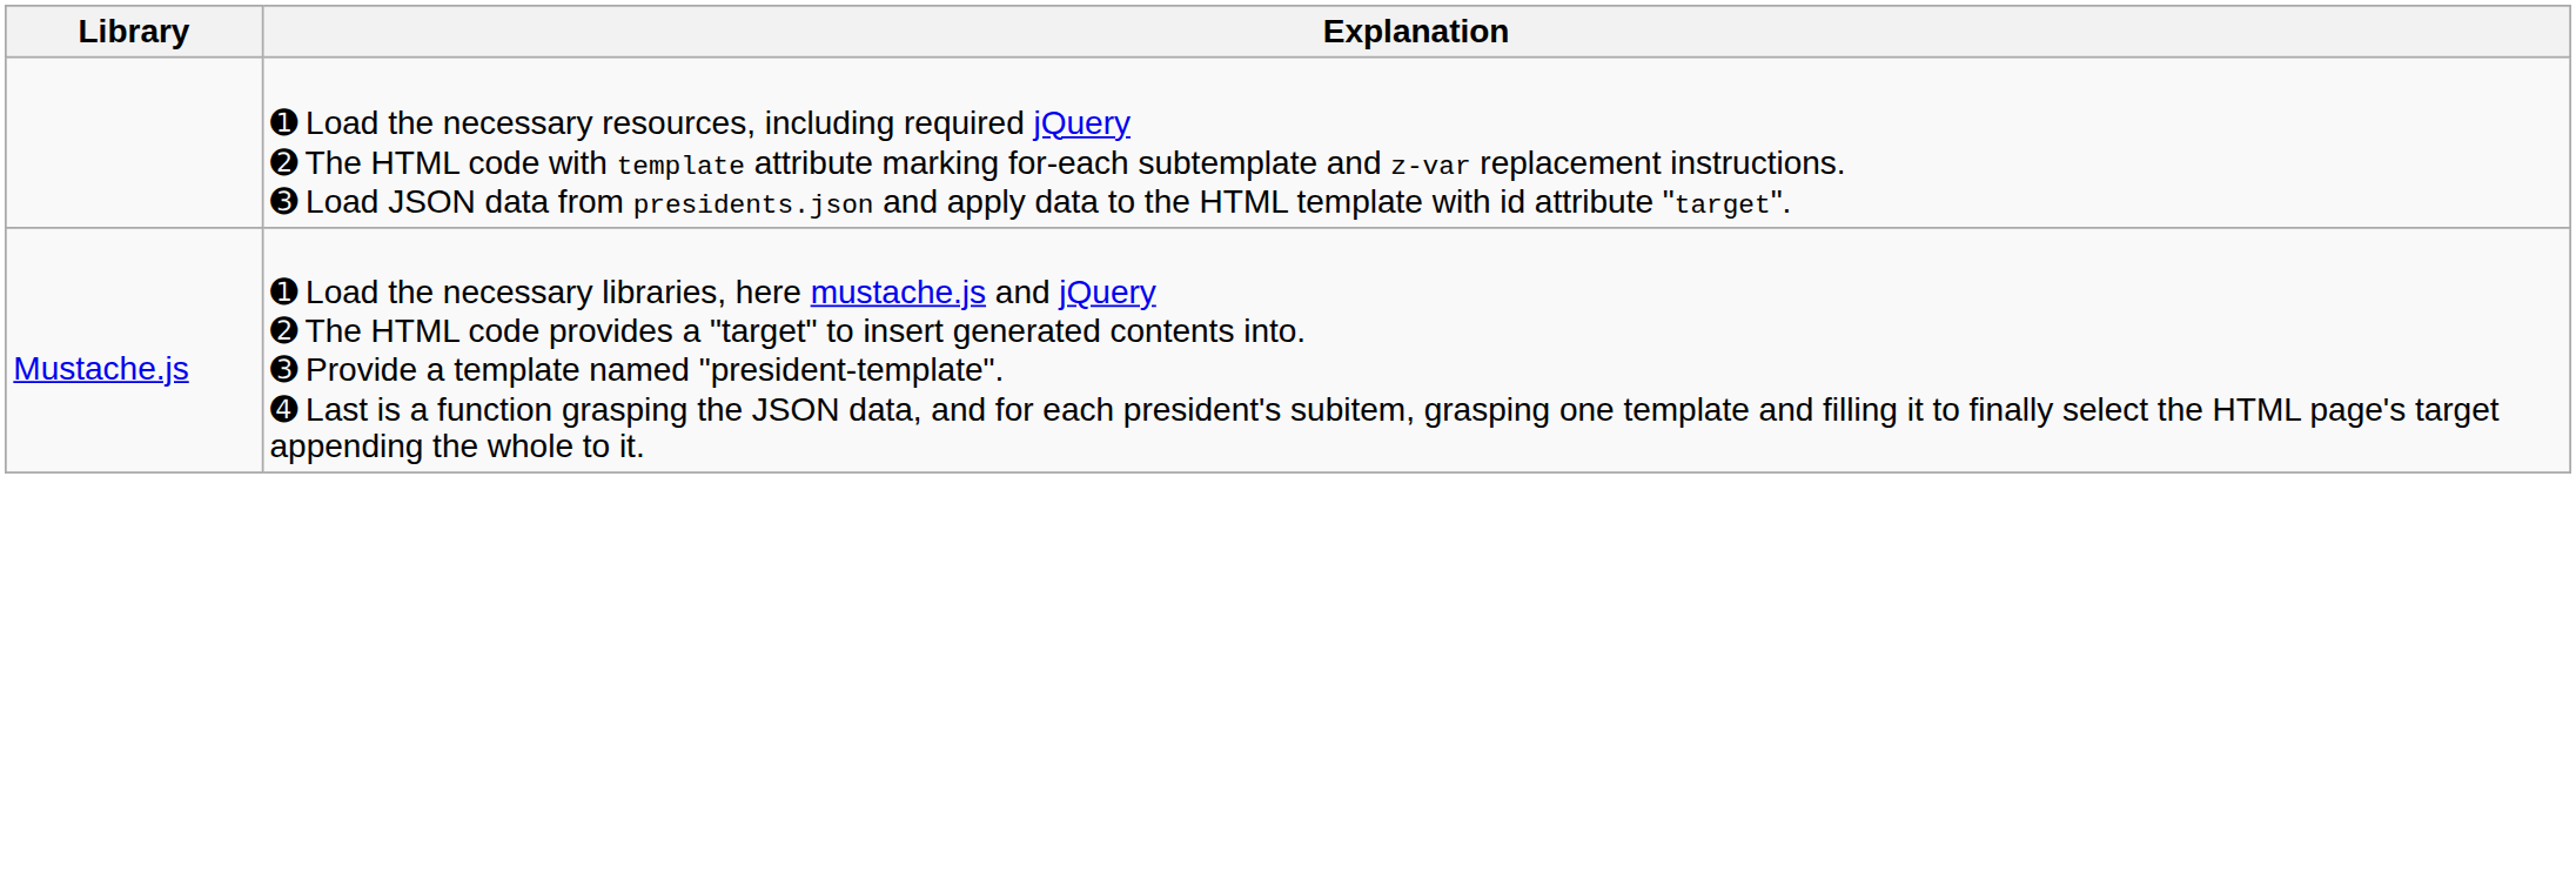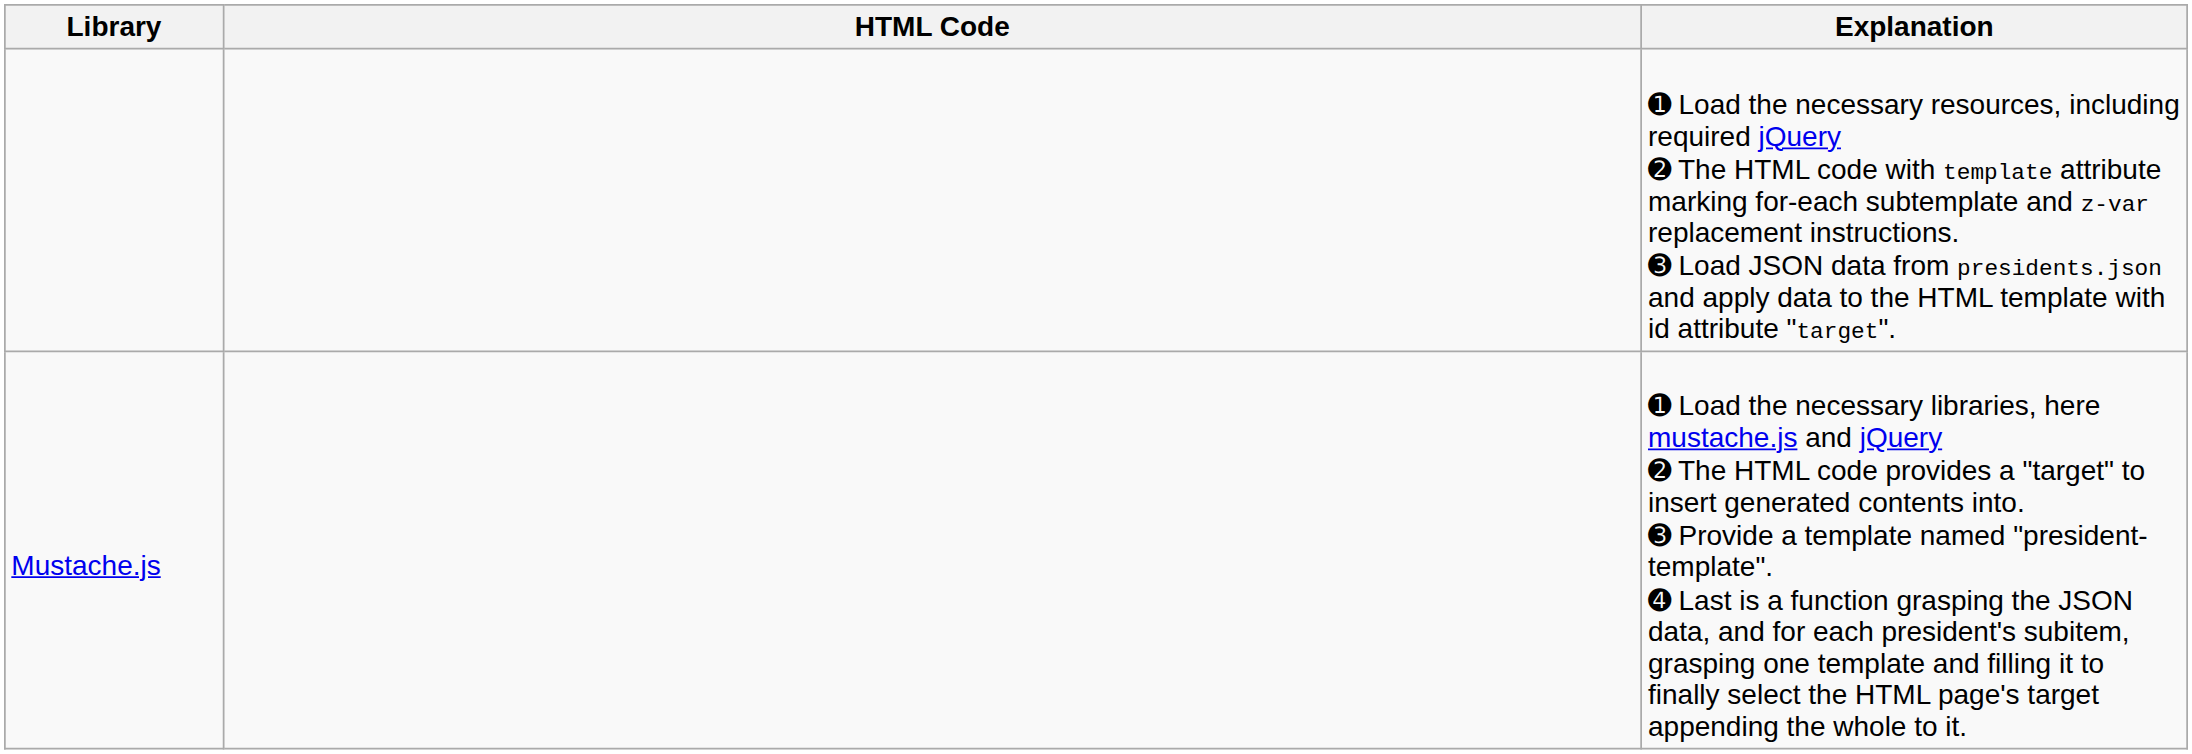 <table class="wikitable">
 <tr>
 <th>Library</th>
+<th>HTML Code</th>
 <th>Explanation</th>
 </tr>
 <tr>
 <td width="10%"><br></td>
+<td width="65%"><br></td>
 <td valign="top"><br>➊ Load the necessary resources, including required <a href='#'>jQuery</a><br> ➋ The HTML code with <code>template</code> attribute marking for-each subtemplate and <code>z-var</code> replacement instructions.<br> ➌ Load JSON data from <code>presidents.json</code> and apply data to the HTML template with id attribute "<code>target</code>".</td>
 </tr>
 <tr>
 <td width="10%"><br><a href='#'>Mustache.js</a></td>
+<td width="65%"><br></td>
 <td valign="top"><br>➊ Load the necessary libraries, here <a href='#'>mustache.js</a> and <a href='#'>jQuery</a><br> ➋ The HTML code provides a "target" to insert generated contents into.<br> ➌ Provide a template named "president-template". <br> ➍ Last is a function grasping the JSON data, and for each president's subitem, grasping one template and filling it to finally select the HTML page's target appending the whole to it.</td>
 </tr>
 </table>
